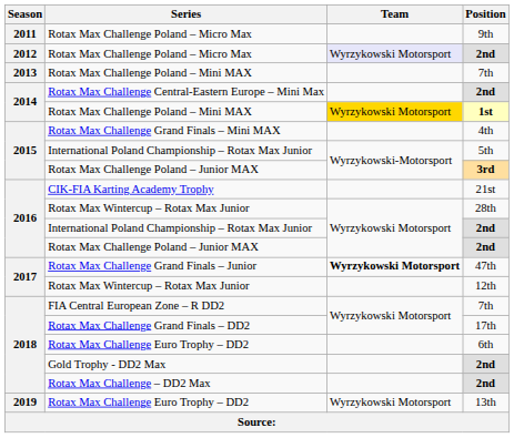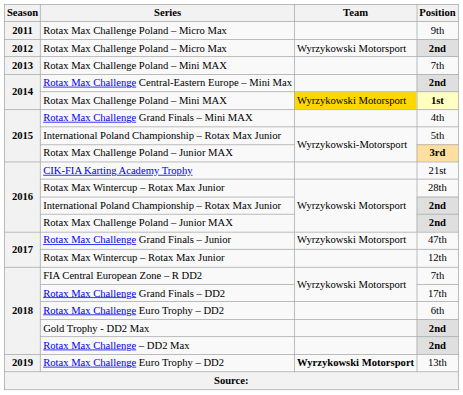 <table class="wikitable" style="font-size: 85%; text-align:center">
 <tr>
 <th>Season</th>
 <th>Series</th>
 <th>Team</th>
 <th>Position</th>
 </tr>
 <tr>
 <th>2011</th>
 <td align="left">Rotax Max Challenge Poland – Micro Max</td>
 <td align="left"></td>
 <td>9th</td>
 </tr>
 <tr>
 <th>2012</th>
 <td align="left">Rotax Max Challenge Poland – Micro Max</td>
-<td align="left" style="background: lavender;">Wyrzykowski Motorsport</td>
+<td align="left">Wyrzykowski Motorsport</td>
 <td style="background:#DFDFDF;"><strong>2nd</strong></td>
 </tr>
 <tr>
 <th>2013</th>
 <td align="left">Rotax Max Challenge Poland – Mini MAX</td>
 <td align="left"></td>
 <td>7th</td>
 </tr>
 <tr>
 <th rowspan="2">2014</th>
 <td align="left"><a href='#'>Rotax Max Challenge</a> Central-Eastern Europe – Mini Max</td>
 <td align="left"></td>
 <td style="background:#DFDFDF;"><strong>2nd</strong></td>
 </tr>
 <tr>
 <td align="left">Rotax Max Challenge Poland – Mini MAX</td>
 <td align="left" style="background: gold;">Wyrzykowski Motorsport</td>
 <td style="background:#FFFFBF;"><strong>1st</strong></td>
 </tr>
 <tr>
 <th rowspan="3">2015</th>
 <td align="left"><a href='#'>Rotax Max Challenge</a> Grand Finals – Mini MAX</td>
 <td align="left"></td>
 <td>4th</td>
 </tr>
 <tr>
 <td align="left">International Poland Championship – Rotax Max Junior</td>
 <td rowspan="2" align="left">Wyrzykowski-Motorsport</td>
 <td>5th</td>
 </tr>
 <tr>
 <td align="left">Rotax Max Challenge Poland – Junior MAX</td>
 <td style="background:#FFDF9F;"><strong>3rd</strong></td>
 </tr>
 <tr>
 <th rowspan="4">2016</th>
 <td align="left"><a href='#'>CIK-FIA Karting Academy Trophy</a></td>
 <td align="left"></td>
 <td>21st</td>
 </tr>
 <tr>
 <td align="left">Rotax Max Wintercup – Rotax Max Junior</td>
 <td rowspan="3" align="left">Wyrzykowski Motorsport</td>
 <td>28th</td>
 </tr>
 <tr>
 <td align="left">International Poland Championship – Rotax Max Junior</td>
 <td style="background:#DFDFDF;"><strong>2nd</strong></td>
 </tr>
 <tr>
 <td align="left">Rotax Max Challenge Poland – Junior MAX</td>
 <td style="background:#DFDFDF;"><strong>2nd</strong></td>
 </tr>
 <tr>
 <th rowspan="2">2017</th>
 <td align="left"><a href='#'>Rotax Max Challenge</a> Grand Finals – Junior</td>
-<td align="left"><strong>Wyrzykowski Motorsport</strong></td>
+<td align="left">Wyrzykowski Motorsport</td>
 <td>47th</td>
 </tr>
 <tr>
 <td align="left">Rotax Max Wintercup – Rotax Max Junior</td>
 <td align="left"></td>
 <td>12th</td>
 </tr>
 <tr>
 <th rowspan="5">2018</th>
 <td align="left">FIA Central European Zone – R DD2</td>
 <td rowspan="2"  align="left">Wyrzykowski Motorsport</td>
 <td>7th</td>
 </tr>
 <tr>
 <td align="left"><a href='#'>Rotax Max Challenge</a> Grand Finals – DD2</td>
 <td>17th</td>
 </tr>
 <tr>
 <td align="left"><a href='#'>Rotax Max Challenge</a> Euro Trophy – DD2</td>
 <td align="left"></td>
 <td>6th</td>
 </tr>
 <tr>
 <td align="left">Gold Trophy - DD2 Max</td>
 <td></td>
 <td style="background:#DFDFDF;"><strong>2nd</strong></td>
 </tr>
 <tr>
 <td align="left"><a href='#'>Rotax Max Challenge</a> – DD2 Max</td>
 <td></td>
 <td style="background:#DFDFDF;"><strong>2nd</strong></td>
 </tr>
 <tr>
 <th>2019</th>
 <td align="left"><a href='#'>Rotax Max Challenge</a> Euro Trophy – DD2</td>
-<td align="left">Wyrzykowski Motorsport</td>
+<td align="left"><strong>Wyrzykowski Motorsport</strong></td>
 <td>13th</td>
 </tr>
 <tr>
 <th colspan="4">Source:</th>
 </tr>
 </table>
